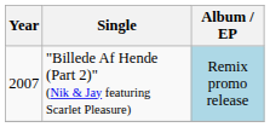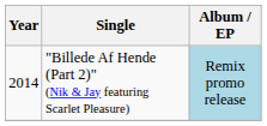 <table class="wikitable">
 <tr>
 <th align="center" width="10">Year</th>
 <th align="center" width="150">Single</th>
 <th align="center" width="70">Album / EP</th>
 </tr>
 <tr>
-<td style="text-align:center;">2007</td>
+<td style="text-align:center;">2014</td>
 <td>"Billede Af Hende (Part 2)"<br><small>(<a href='#'>Nik & Jay</a> featuring Scarlet Pleasure)</small></td>
 <td style="background: lightblue; text-align:center;">Remix promo release</td>
 </tr>
 <tr>
 </tr>
 </table>
